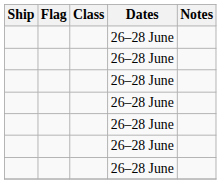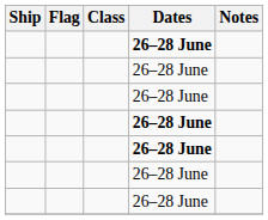 <table class="wikitable sortable">
 <tr>
 <th>Ship</th>
 <th>Flag</th>
 <th>Class</th>
 <th>Dates</th>
 <th>Notes</th>
 </tr>
 <tr>
 <td></td>
 <td></td>
 <td></td>
-<td>26–28 June</td>
+<td><strong>26–28 June</strong></td>
 <td></td>
 </tr>
 <tr>
 <td></td>
 <td></td>
 <td></td>
 <td>26–28 June</td>
 <td></td>
 </tr>
 <tr>
 <td></td>
 <td></td>
 <td></td>
 <td>26–28 June</td>
 <td></td>
 </tr>
 <tr>
 <td></td>
 <td></td>
 <td></td>
-<td>26–28 June</td>
+<td><strong>26–28 June</strong></td>
 <td></td>
 </tr>
 <tr>
 <td></td>
 <td></td>
 <td></td>
-<td>26–28 June</td>
+<td><strong>26–28 June</strong></td>
 <td></td>
 </tr>
 <tr>
 <td></td>
 <td></td>
 <td></td>
 <td>26–28 June</td>
 <td></td>
 </tr>
 <tr>
 <td></td>
 <td></td>
 <td></td>
 <td>26–28 June</td>
 <td></td>
 </tr>
 <tr>
 </tr>
 </table>
